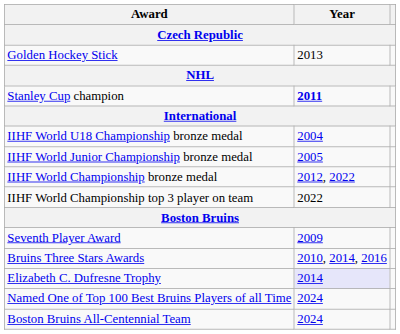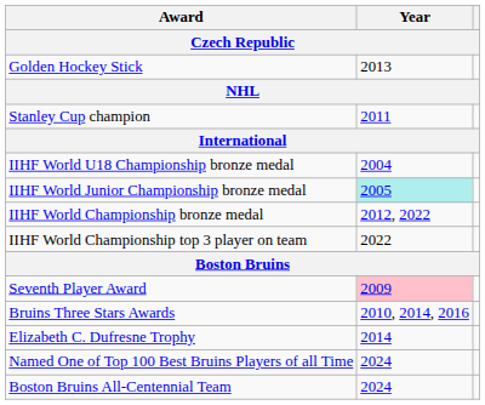 <table class="wikitable">
 <tr>
 <th>Award</th>
 <th>Year</th>
 <th></th>
 </tr>
 <tr>
 <th colspan="3"><a href='#'>Czech Republic</a></th>
 </tr>
 <tr>
 <td><a href='#'>Golden Hockey Stick</a></td>
 <td>2013</td>
 <td></td>
 </tr>
 <tr>
 <th colspan="3"><a href='#'>NHL</a></th>
 </tr>
 <tr>
 <td><a href='#'>Stanley Cup</a> champion</td>
-<td><strong><a href='#'>2011</a></strong></td>
+<td><a href='#'>2011</a></td>
 <td></td>
 </tr>
 <tr>
 <th colspan="3"><a href='#'>International</a></th>
 </tr>
 <tr>
 <td><a href='#'>IIHF World U18 Championship</a> bronze medal</td>
 <td><a href='#'>2004</a></td>
 <td></td>
 </tr>
 <tr>
 <td><a href='#'>IIHF World Junior Championship</a> bronze medal</td>
-<td><a href='#'>2005</a></td>
+<td style="background: paleturquoise;"><a href='#'>2005</a></td>
 <td></td>
 </tr>
 <tr>
 <td><a href='#'>IIHF World Championship</a> bronze medal</td>
 <td><a href='#'>2012</a>, <a href='#'>2022</a></td>
 <td></td>
 </tr>
 <tr>
 <td>IIHF World Championship top 3 player on team</td>
 <td>2022</td>
 <td></td>
 </tr>
 <tr>
 <th colspan="3"><a href='#'>Boston Bruins</a></th>
 </tr>
 <tr>
 <td><a href='#'>Seventh Player Award</a></td>
-<td><a href='#'>2009</a></td>
+<td style="background: pink;"><a href='#'>2009</a></td>
 <td></td>
 </tr>
 <tr>
 <td><a href='#'>Bruins Three Stars Awards</a></td>
 <td><a href='#'>2010</a>, <a href='#'>2014</a>, <a href='#'>2016</a></td>
 <td></td>
 </tr>
 <tr>
 <td><a href='#'>Elizabeth C. Dufresne Trophy</a></td>
-<td style="background: lavender;"><a href='#'>2014</a></td>
+<td><a href='#'>2014</a></td>
 <td></td>
 </tr>
 <tr>
 <td><a href='#'>Named One of Top 100 Best Bruins Players of all Time</a></td>
 <td><a href='#'>2024</a></td>
 <td></td>
 </tr>
 <tr>
 <td><a href='#'>Boston Bruins All-Centennial Team</a></td>
 <td><a href='#'>2024</a></td>
 <td></td>
 </tr>
 </table>
